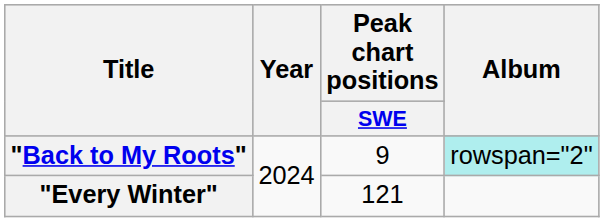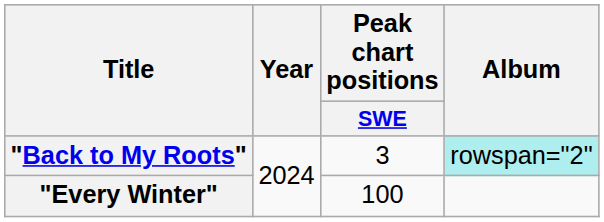 <table class="wikitable plainrowheaders" style="text-align:center;">
 <tr>
 <th scope="col" rowspan="2">Title</th>
 <th scope="col" rowspan="2">Year</th>
 <th scope="col" colspan="1">Peak chart positions</th>
 <th scope="col" rowspan="2">Album</th>
 </tr>
 <tr>
 <th scope="col" style="width:3em;font-size:85%;"><a href='#'>SWE</a><br></th>
 </tr>
 <tr>
 <th scope="row">"<a href='#'>Back to My Roots</a>"</th>
 <td rowspan="2">2024</td>
-<td>9</td>
+<td>3</td>
 <td style="background: paleturquoise;">rowspan="2"</td>
 </tr>
 <tr>
 <th scope="row">"Every Winter"</th>
-<td>121</td>
+<td>100</td>
 </tr>
 </table>
